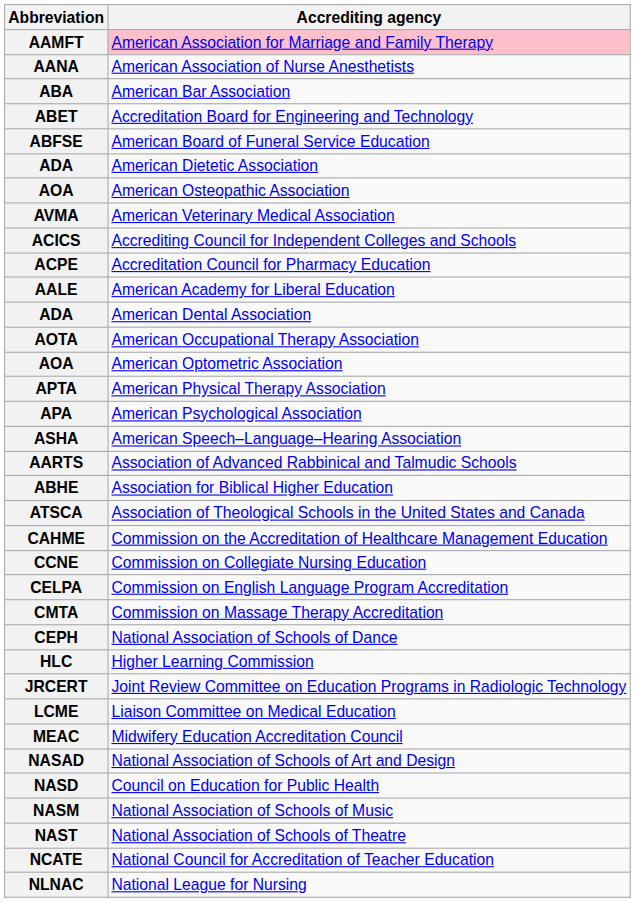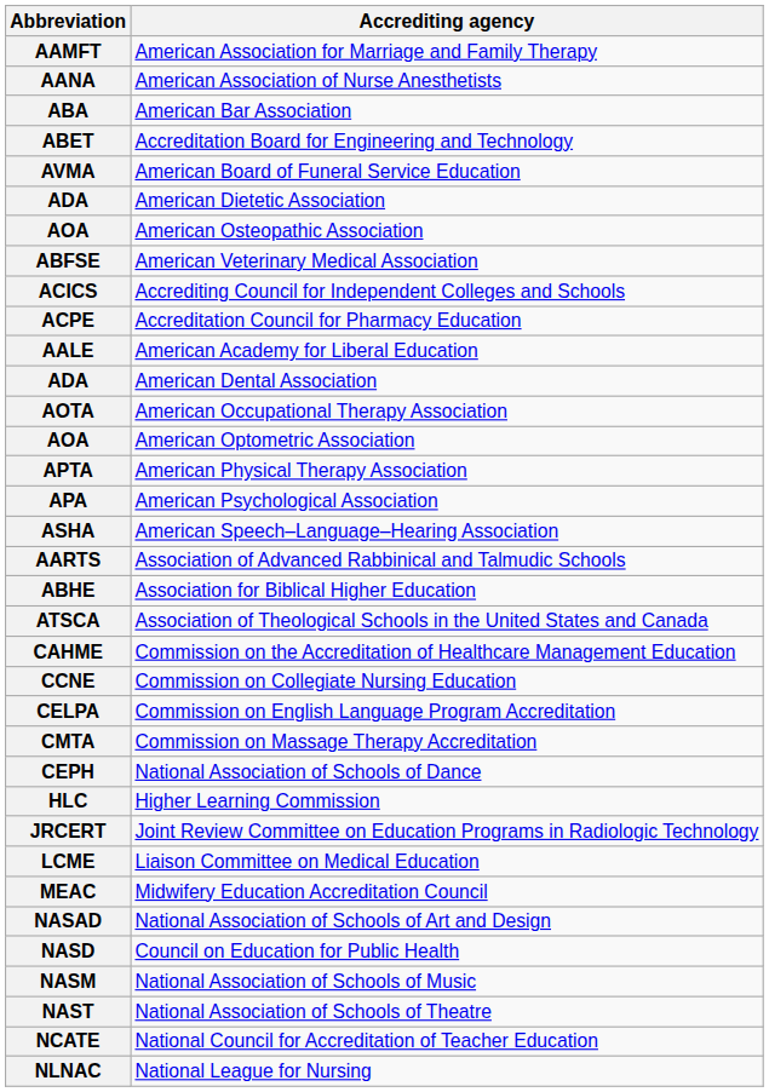 <table class="wikitable plainrowheaders" style="text-align:left; width:auto; font-size:90%">
 <tr>
 <th scope="col">Abbreviation</th>
 <th scope="col">Accrediting agency</th>
 </tr>
 <tr>
 <th scope="row">AAMFT</th>
-<td style="background: pink;"><a href='#'>American Association for Marriage and Family Therapy</a></td>
+<td><a href='#'>American Association for Marriage and Family Therapy</a></td>
 </tr>
 <tr>
 <th scope="row">AANA</th>
 <td><a href='#'>American Association of Nurse Anesthetists</a></td>
 </tr>
 <tr>
 <th scope="row">ABA</th>
 <td><a href='#'>American Bar Association</a></td>
 </tr>
 <tr>
 <th scope="row">ABET</th>
 <td><a href='#'>Accreditation Board for Engineering and Technology</a></td>
 </tr>
 <tr>
-<th scope="row">ABFSE</th>
+<th scope="row">AVMA</th>
 <td><a href='#'>American Board of Funeral Service Education</a></td>
 </tr>
 <tr>
 <th scope="row">ADA</th>
 <td><a href='#'>American Dietetic Association</a></td>
 </tr>
 <tr>
 <th scope="row">AOA</th>
 <td><a href='#'>American Osteopathic Association</a></td>
 </tr>
 <tr>
-<th scope="row">AVMA</th>
+<th scope="row">ABFSE</th>
 <td><a href='#'>American Veterinary Medical Association</a></td>
 </tr>
 <tr>
 <th scope="row">ACICS</th>
 <td><a href='#'>Accrediting Council for Independent Colleges and Schools</a></td>
 </tr>
 <tr>
 <th scope="row">ACPE</th>
 <td><a href='#'>Accreditation Council for Pharmacy Education</a></td>
 </tr>
 <tr>
 <th scope="row">AALE</th>
 <td><a href='#'>American Academy for Liberal Education</a></td>
 </tr>
 <tr>
 <th scope="row">ADA</th>
 <td><a href='#'>American Dental Association</a></td>
 </tr>
 <tr>
 <th scope="row">AOTA</th>
 <td><a href='#'>American Occupational Therapy Association</a></td>
 </tr>
 <tr>
 <th scope="row">AOA</th>
 <td><a href='#'>American Optometric Association</a></td>
 </tr>
 <tr>
 <th scope="row">APTA</th>
 <td><a href='#'>American Physical Therapy Association</a></td>
 </tr>
 <tr>
 <th scope="row">APA</th>
 <td><a href='#'>American Psychological Association</a></td>
 </tr>
 <tr>
 <th scope="row">ASHA</th>
 <td><a href='#'>American Speech–Language–Hearing Association</a></td>
 </tr>
 <tr>
 <th scope="row">AARTS</th>
 <td><a href='#'>Association of Advanced Rabbinical and Talmudic Schools</a></td>
 </tr>
 <tr>
 <th scope="row">ABHE</th>
 <td><a href='#'>Association for Biblical Higher Education</a></td>
 </tr>
 <tr>
 <th scope="row">ATSCA</th>
 <td><a href='#'>Association of Theological Schools in the United States and Canada</a></td>
 </tr>
 <tr>
 <th scope="row">CAHME</th>
 <td><a href='#'>Commission on the Accreditation of Healthcare Management Education</a></td>
 </tr>
 <tr>
 <th scope="row">CCNE</th>
 <td><a href='#'>Commission on Collegiate Nursing Education</a></td>
 </tr>
 <tr>
 <th scope="row">CELPA</th>
 <td><a href='#'>Commission on English Language Program Accreditation</a></td>
 </tr>
 <tr>
 <th scope="row">CMTA</th>
 <td><a href='#'>Commission on Massage Therapy Accreditation</a></td>
 </tr>
 <tr>
 <th scope="row">CEPH</th>
 <td><a href='#'>National Association of Schools of Dance</a></td>
 </tr>
 <tr>
 <th scope="row">HLC</th>
 <td><a href='#'>Higher Learning Commission</a></td>
 </tr>
 <tr>
 <th scope="row">JRCERT</th>
 <td><a href='#'>Joint Review Committee on Education Programs in Radiologic Technology</a></td>
 </tr>
 <tr>
 <th scope="row">LCME</th>
 <td><a href='#'>Liaison Committee on Medical Education</a></td>
 </tr>
 <tr>
 <th scope="row">MEAC</th>
 <td><a href='#'>Midwifery Education Accreditation Council</a></td>
 </tr>
 <tr>
 <th scope="row">NASAD</th>
 <td><a href='#'>National Association of Schools of Art and Design</a></td>
 </tr>
 <tr>
 <th scope="row">NASD</th>
 <td><a href='#'>Council on Education for Public Health</a></td>
 </tr>
 <tr>
 <th scope="row">NASM</th>
 <td><a href='#'>National Association of Schools of Music</a></td>
 </tr>
 <tr>
 <th scope="row">NAST</th>
 <td><a href='#'>National Association of Schools of Theatre</a></td>
 </tr>
 <tr>
 <th scope="row">NCATE</th>
 <td><a href='#'>National Council for Accreditation of Teacher Education</a></td>
 </tr>
 <tr>
 <th scope="row">NLNAC</th>
 <td><a href='#'>National League for Nursing</a></td>
 </tr>
 </table>
